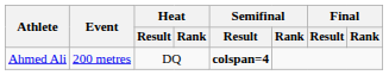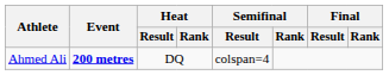 <table class="wikitable" style="font-size:90%">
 <tr>
 <th rowspan="2">Athlete</th>
 <th rowspan="2">Event</th>
 <th colspan="2">Heat</th>
 <th colspan="2">Semifinal</th>
 <th colspan="2">Final</th>
 </tr>
 <tr style="font-size:95%">
 <th>Result</th>
 <th>Rank</th>
 <th>Result</th>
 <th>Rank</th>
 <th>Result</th>
 <th>Rank</th>
 </tr>
 <tr style=text-align:center>
 <td style=text-align:left><a href='#'>Ahmed Ali</a></td>
-<td style=text-align:left><a href='#'>200 metres</a></td>
+<td style=text-align:left><strong><a href='#'>200 metres</a></strong></td>
 <td colspan=2>DQ</td>
-<td><strong>colspan=4 </strong></td>
+<td>colspan=4 </td>
 </tr>
 </table>
